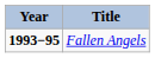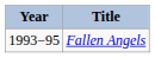 <table class="wikitable" style="font-size:95%;">
 <tr>
 <th style="background:#B0C4DE;">Year</th>
 <th style="background:#B0C4DE;">Title</th>
 </tr>
 <tr>
-<td><strong>1993−95</strong></td>
+<td>1993−95</td>
 <td><em><a href='#'>Fallen Angels</a></em></td>
 </tr>
 </table>
